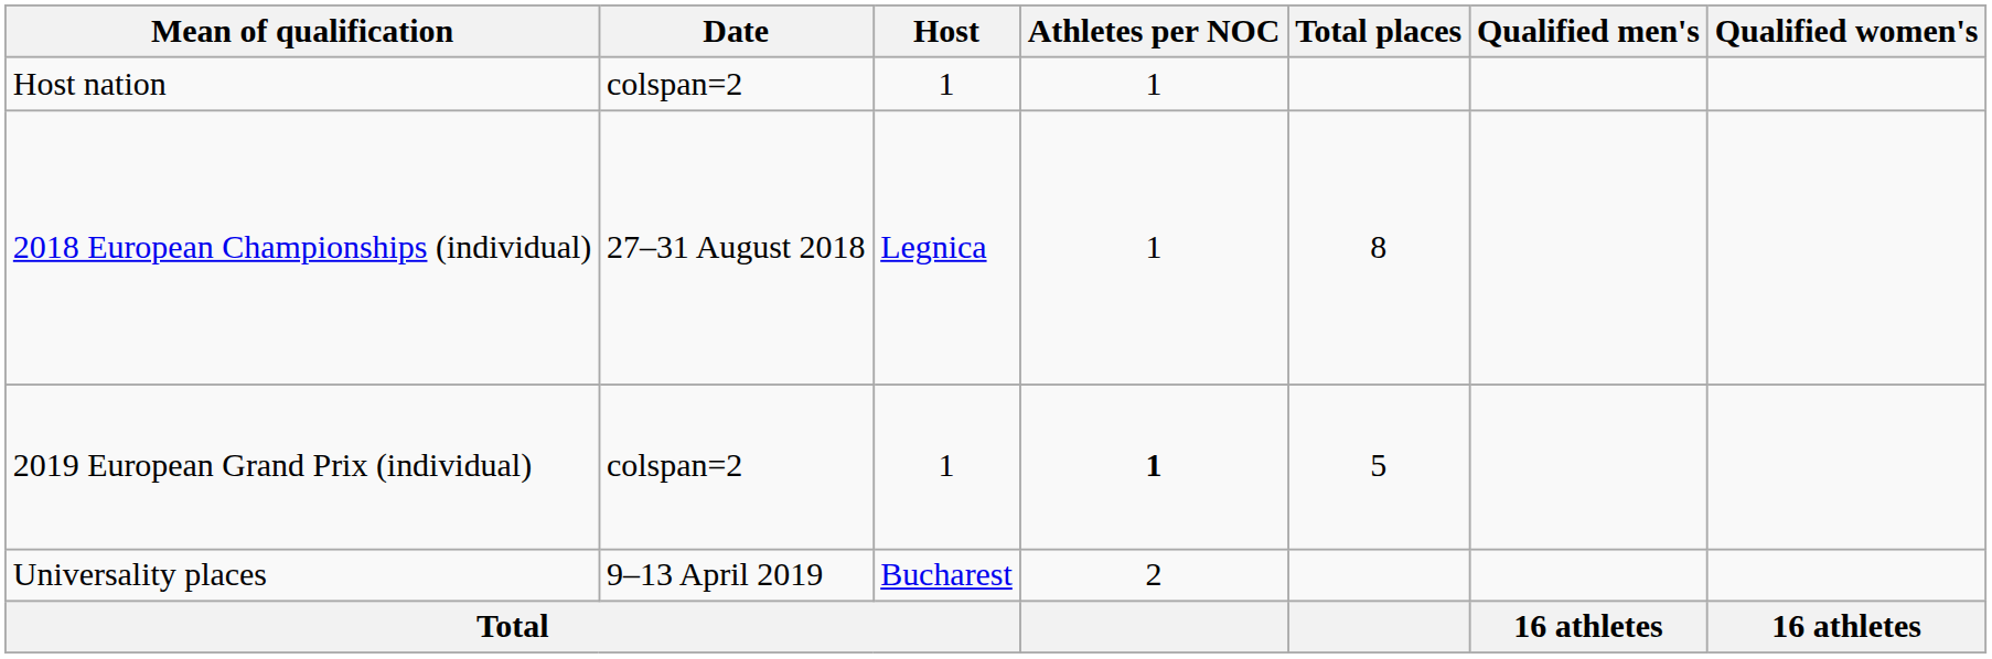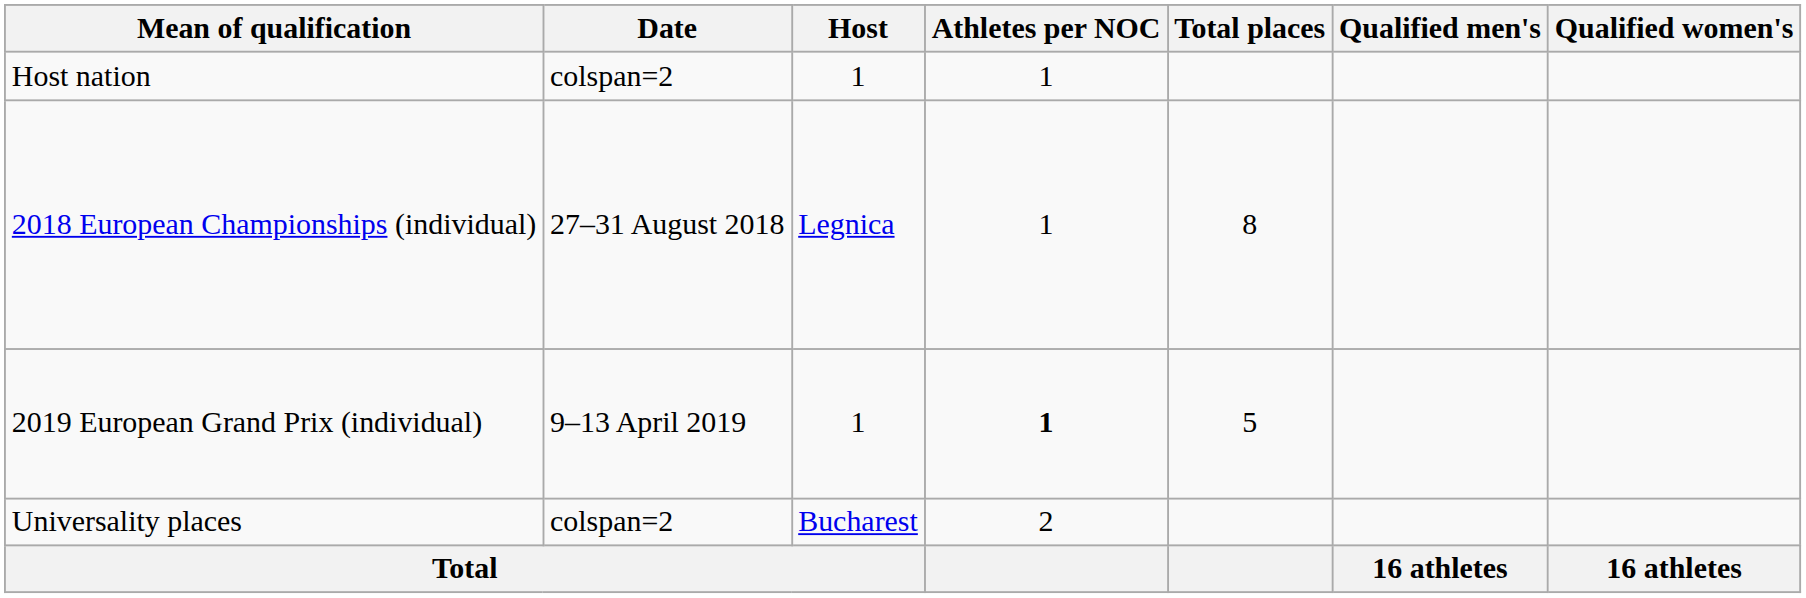 <table class="wikitable">
 <tr>
 <th>Mean of qualification</th>
 <th>Date</th>
 <th>Host</th>
 <th>Athletes per NOC</th>
 <th>Total places</th>
 <th>Qualified men's</th>
 <th>Qualified women's</th>
 </tr>
 <tr>
 <td>Host nation</td>
 <td>colspan=2 </td>
 <td align=center>1</td>
 <td align=center>1</td>
 <td></td>
 <td></td>
 </tr>
 <tr>
 <td><a href='#'>2018 European Championships</a> (individual)</td>
 <td>27–31 August 2018</td>
 <td> <a href='#'>Legnica</a></td>
 <td align=center>1</td>
 <td align=center>8</td>
 <td><br><br><br><br><br><br><br></td>
 <td><br><br><br><br><br><br><br></td>
 </tr>
 <tr>
 <td>2019 European Grand Prix (individual)</td>
-<td>colspan=2 </td>
+<td>9–13 April 2019</td>
 <td align=center>1</td>
 <td align=center><strong>1</strong></td>
 <td align=center>5</td>
 <td><br><br><br><br></td>
 <td><br><br><br><br></td>
 </tr>
 <tr>
 <td>Universality places</td>
-<td>9–13 April 2019</td>
+<td>colspan=2 </td>
 <td> <a href='#'>Bucharest</a></td>
 <td align=center>2</td>
 <td><br></td>
 <td><br></td>
 </tr>
 <tr>
 <th colspan=3>Total</th>
 <th></th>
 <th></th>
 <th>16 athletes</th>
 <th>16 athletes</th>
 </tr>
 </table>
